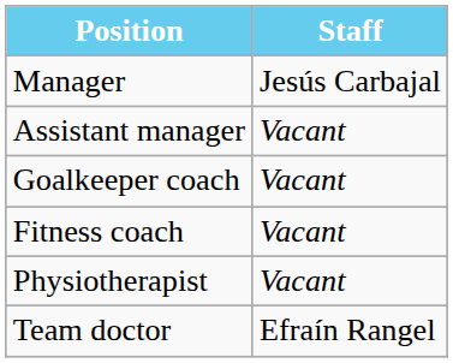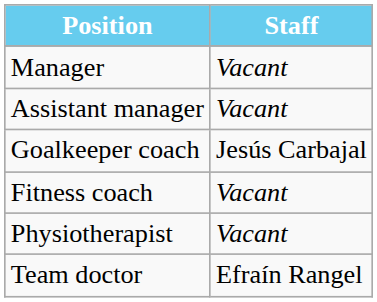 <table class="wikitable">
 <tr>
 <th style=background-color:#66CCEE;color:#FFFFFF>Position</th>
 <th style=background-color:#66CCEE;color:#FFFFFF>Staff</th>
 </tr>
 <tr>
 </tr>
 <tr>
 <td>Manager</td>
-<td> Jesús Carbajal</td>
+<td><em>Vacant</em></td>
 </tr>
 <tr>
 <td>Assistant manager</td>
 <td><em>Vacant</em></td>
 </tr>
 <tr>
 <td>Goalkeeper coach</td>
-<td><em>Vacant</em></td>
+<td> Jesús Carbajal</td>
 </tr>
 <tr>
 <td>Fitness coach</td>
 <td><em>Vacant</em></td>
 </tr>
 <tr>
 <td>Physiotherapist</td>
 <td><em>Vacant</em></td>
 </tr>
 <tr>
 <td>Team doctor</td>
 <td> Efraín Rangel</td>
 </tr>
 </table>
